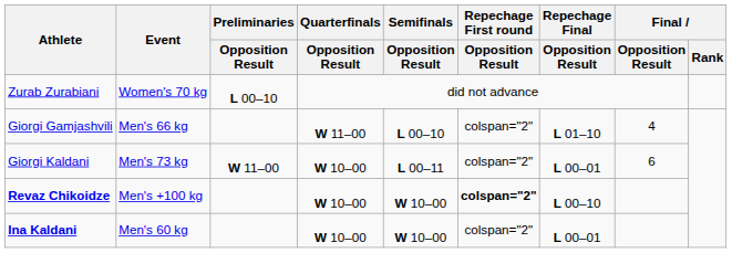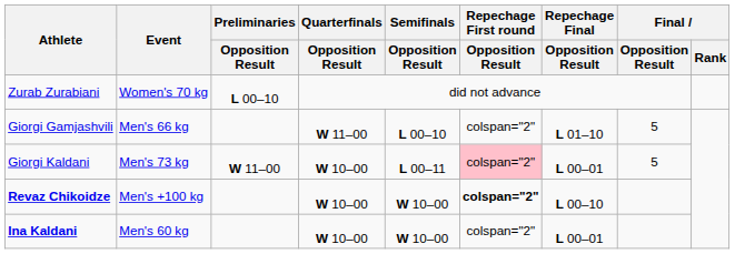 <table class="wikitable" style="font-size:90%">
 <tr>
 <th rowspan="2">Athlete</th>
 <th rowspan="2">Event</th>
 <th>Preliminaries</th>
 <th>Quarterfinals</th>
 <th>Semifinals</th>
 <th>Repechage<br>First round</th>
 <th>Repechage<br>Final</th>
 <th colspan="2">Final / </th>
 </tr>
 <tr>
 <th>Opposition<br>Result</th>
 <th>Opposition<br>Result</th>
 <th>Opposition<br>Result</th>
 <th>Opposition<br>Result</th>
 <th>Opposition<br>Result</th>
 <th>Opposition<br>Result</th>
 <th>Rank</th>
 </tr>
 <tr align=center>
 <td align=left><a href='#'>Zurab Zurabiani</a></td>
 <td align=left><a href='#'>Women's 70 kg</a></td>
 <td><br><strong>L</strong> 00–10</td>
 <td colspan="5">did not advance</td>
 <td></td>
 </tr>
 <tr align=center>
 <td align=left><a href='#'>Giorgi Gamjashvili</a></td>
 <td align=left><a href='#'>Men's 66 kg</a></td>
 <td></td>
 <td><br><strong>W</strong> 11–00</td>
 <td><br><strong>L</strong> 00–10</td>
 <td>colspan="2"</td>
 <td><br><strong>L</strong> 01–10</td>
-<td>4</td>
+<td>5</td>
 </tr>
 <tr align=center>
 <td align=left><a href='#'>Giorgi Kaldani</a></td>
 <td align=left><a href='#'>Men's 73 kg</a></td>
 <td><br><strong>W</strong> 11–00</td>
 <td><br><strong>W</strong> 10–00</td>
 <td><br><strong>L</strong> 00–11</td>
-<td>colspan="2"</td>
+<td style="background: pink;">colspan="2"</td>
 <td><br><strong>L</strong> 00–01</td>
-<td>6</td>
+<td>5</td>
 </tr>
 <tr align=center>
 <td align=left><strong><a href='#'>Revaz Chikoidze</a></strong></td>
 <td align=left><a href='#'>Men's +100 kg</a></td>
 <td></td>
 <td><br><strong>W</strong> 10–00</td>
 <td><br><strong>W</strong> 10–00</td>
 <td><strong>colspan="2"</strong></td>
 <td><br><strong>L</strong> 00–10</td>
 <td></td>
 </tr>
 <tr align=center>
 <td align=left><strong><a href='#'>Ina Kaldani</a></strong></td>
 <td align=left><a href='#'>Men's 60 kg</a></td>
 <td></td>
 <td><br><strong>W</strong> 10–00</td>
 <td><br><strong>W</strong> 10–00</td>
 <td>colspan="2"</td>
 <td><br><strong>L</strong> 00–01</td>
 <td></td>
 </tr>
 </table>
